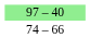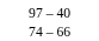 <table style="text-align:center">
 <tr>
 <th width=200></th>
 <th width=100></th>
 <th width=200></th>
 <th></th>
 </tr>
 <tr>
 <td align=right><strong></strong></td>
-<td style="background: lightgreen;">97 – 40</td>
+<td>97 – 40</td>
 <td align=left></td>
 </tr>
 <tr>
 <td align=right><strong></strong></td>
 <td>74 – 66</td>
 <td align=left></td>
 </tr>
 </table>
